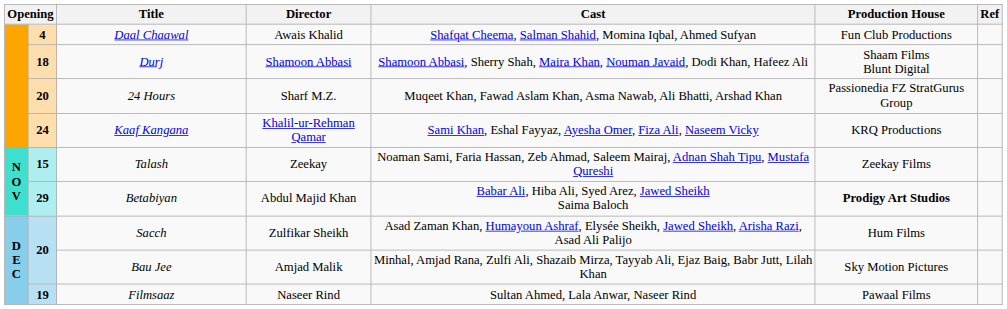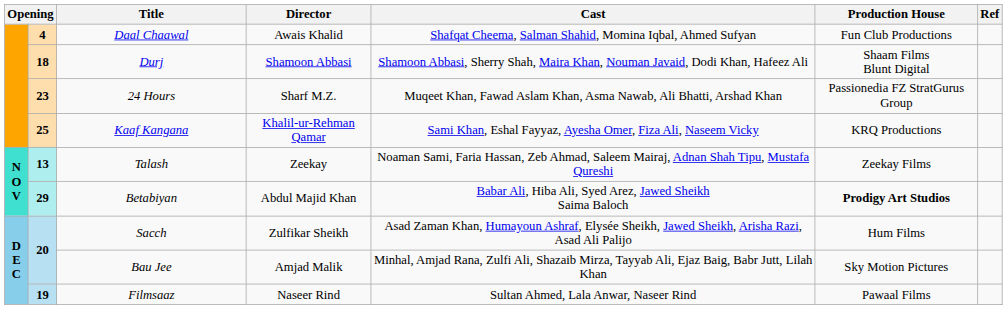 <table class="wikitable" style="text-align: center; width: 100%; margin: 1em auto 1em auto;">
 <tr>
 <th colspan="2">Opening</th>
 <th style="width:19%">Title</th>
 <th>Director</th>
 <th>Cast</th>
 <th>Production House</th>
 <th>Ref</th>
 </tr>
 <tr>
 <th rowspan="4" style="text-align:center;background:orange;"><strong></strong></th>
 <td rowspan="1" style="text-align:center; textcolor:#000; background:#ffdead;"><strong>4</strong></td>
 <td><em><a href='#'>Daal Chaawal</a></em></td>
 <td>Awais Khalid</td>
 <td><a href='#'>Shafqat Cheema</a>, <a href='#'>Salman Shahid</a>, Momina Iqbal, Ahmed Sufyan</td>
 <td>Fun Club Productions</td>
 <td></td>
 </tr>
 <tr>
 <td rowspan="1" style="text-align:center; textcolor:#000; background:#ffdead;"><strong>18</strong></td>
 <td><em><a href='#'>Durj</a></em></td>
 <td><a href='#'>Shamoon Abbasi</a></td>
 <td><a href='#'>Shamoon Abbasi</a>, Sherry Shah, <a href='#'>Maira Khan</a>, <a href='#'>Nouman Javaid</a>, Dodi Khan, Hafeez Ali</td>
 <td>Shaam Films<br>Blunt Digital</td>
 <td></td>
 </tr>
 <tr>
-<td rowspan="1" style="text-align:center; textcolor:#000; background:#ffdead;"><strong>20</strong></td>
+<td rowspan="1" style="text-align:center; textcolor:#000; background:#ffdead;"><strong>23</strong></td>
 <td><em>24 Hours</em></td>
 <td>Sharf M.Z.</td>
 <td>Muqeet Khan, Fawad Aslam Khan, Asma Nawab, Ali Bhatti, Arshad Khan</td>
 <td>Passionedia FZ StratGurus Group</td>
 </tr>
 <tr>
-<td rowspan="1" style="text-align:center; textcolor:#000; background:#ffdead;"><strong>24</strong></td>
+<td rowspan="1" style="text-align:center; textcolor:#000; background:#ffdead;"><strong>25</strong></td>
 <td><em><a href='#'>Kaaf Kangana</a></em></td>
 <td><a href='#'>Khalil-ur-Rehman Qamar</a></td>
 <td><a href='#'>Sami Khan</a>, Eshal Fayyaz, <a href='#'>Ayesha Omer</a>,  <a href='#'>Fiza Ali</a>, <a href='#'>Naseem Vicky</a></td>
 <td>KRQ Productions</td>
 <td></td>
 </tr>
 <tr>
 <td rowspan="2" style="text-align:center; background:#40e0d0;"><strong>N<br>O<br>V</strong></td>
-<td rowspan="1" style="text-align:center; textcolor:#000; background:#afeeee;"><strong>15</strong></td>
+<td rowspan="1" style="text-align:center; textcolor:#000; background:#afeeee;"><strong>13</strong></td>
 <td><em>Talash</em></td>
 <td>Zeekay</td>
 <td>Noaman Sami, Faria Hassan, Zeb Ahmad, Saleem Mairaj, <a href='#'>Adnan Shah Tipu</a>, <a href='#'>Mustafa Qureshi</a></td>
 <td>Zeekay Films</td>
 <td></td>
 </tr>
 <tr>
 <td rowspan="1" style="text-align:center; textcolor:#000; background:#afeeee;"><strong>29</strong></td>
 <td><em>Betabiyan</em></td>
 <td>Abdul Majid Khan</td>
 <td><a href='#'>Babar Ali</a>, Hiba Ali, Syed Arez, <a href='#'>Jawed Sheikh</a> <br>Saima Baloch<br></td>
 <td><strong>Prodigy Art Studios</strong></td>
 <td></td>
 </tr>
 <tr>
 <td rowspan="3" style="text-align:center; background:skyBlue;"><strong>D<br>E<br>C</strong></td>
 <td rowspan="2" style="text-align:center; textcolor:#000; background:#b7e1f3;"><strong>20</strong></td>
 <td><em>Sacch</em></td>
 <td>Zulfikar Sheikh</td>
 <td>Asad Zaman Khan, <a href='#'>Humayoun Ashraf</a>, Elysée Sheikh, <a href='#'>Jawed Sheikh</a>, <a href='#'>Arisha Razi</a>, Asad Ali Palijo</td>
 <td>Hum Films</td>
 <td></td>
 </tr>
 <tr>
 <td><em>Bau Jee</em></td>
 <td>Amjad Malik</td>
 <td>Minhal, Amjad Rana, Zulfi Ali, Shazaib Mirza, Tayyab Ali, Ejaz Baig, Babr Jutt, Lilah Khan</td>
 <td>Sky Motion Pictures</td>
 <td></td>
 </tr>
 <tr>
 <td rowspan="1" style="text-align:center; textcolor:#000; background:#b7e1f3;"><strong>19</strong></td>
 <td><em>Filmsaaz</em></td>
 <td>Naseer Rind</td>
 <td>Sultan Ahmed, Lala Anwar, Naseer Rind</td>
 <td>Pawaal Films</td>
 <td></td>
 </tr>
 </table>
